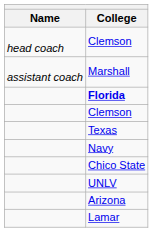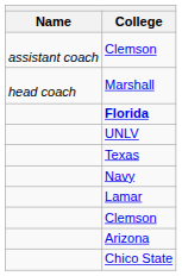 <table class="wikitable sortable">
 <tr>
 <th colspan=2></th>
 </tr>
 <tr>
 <th>Name</th>
 <th>College</th>
 </tr>
 <tr>
-<td><br><em>head coach</em></td>
+<td><br><em>assistant coach</em></td>
 <td><a href='#'>Clemson</a></td>
 </tr>
 <tr>
-<td><br><em>assistant coach</em></td>
+<td><br><em>head coach</em></td>
 <td><a href='#'>Marshall</a></td>
 </tr>
 <tr>
 <td></td>
 <td><strong><a href='#'>Florida</a></strong></td>
 </tr>
 <tr>
 <td></td>
-<td><a href='#'>Clemson</a></td>
+<td><a href='#'>UNLV</a></td>
 </tr>
 <tr>
 <td></td>
 <td><a href='#'>Texas</a></td>
 </tr>
 <tr>
 <td></td>
 <td><a href='#'>Navy</a></td>
 </tr>
 <tr>
 <td></td>
-<td><a href='#'>Chico State</a></td>
+<td><a href='#'>Lamar</a></td>
 </tr>
 <tr>
 <td></td>
-<td><a href='#'>UNLV</a></td>
+<td><a href='#'>Clemson</a></td>
 </tr>
 <tr>
 <td></td>
 <td><a href='#'>Arizona</a></td>
 </tr>
 <tr>
 <td></td>
-<td><a href='#'>Lamar</a></td>
+<td><a href='#'>Chico State</a></td>
 </tr>
 </table>
